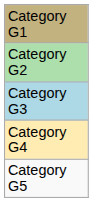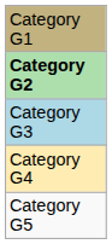 <table class="wikitable" style="font-size:85%;" width=9%>
 <tr bgcolor=#C2B280>
 <td>Category G1</td>
 </tr>
 <tr bgcolor="#ADDFAD">
-<td>Category G2</td>
+<td><strong>Category G2</strong></td>
 </tr>
 <tr bgcolor="lightblue">
 <td>Category G3</td>
 </tr>
 <tr bgcolor=#ffecb2>
 <td>Category G4</td>
 </tr>
 <tr>
 <td>Category G5</td>
 </tr>
 </table>
